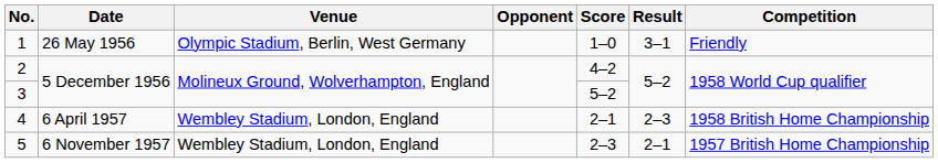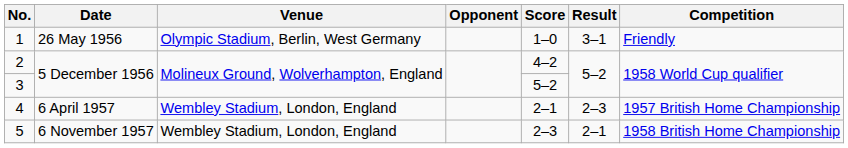 <table class="wikitable sortable">
 <tr>
 <th scope="col">No.</th>
 <th scope="col">Date</th>
 <th scope="col">Venue</th>
 <th scope="col">Opponent</th>
 <th scope="col">Score</th>
 <th scope="col">Result</th>
 <th scope="col">Competition</th>
 </tr>
 <tr>
 <td align="center">1</td>
 <td>26 May 1956</td>
 <td><a href='#'>Olympic Stadium</a>, Berlin, West Germany</td>
 <td></td>
 <td align="center">1–0</td>
 <td align="center">3–1</td>
 <td><a href='#'>Friendly</a></td>
 </tr>
 <tr>
 <td align="center">2</td>
 <td rowspan="2">5 December 1956</td>
 <td rowspan="2"><a href='#'>Molineux Ground</a>, <a href='#'>Wolverhampton</a>, England</td>
 <td rowspan="2"></td>
 <td align="center">4–2</td>
 <td rowspan="2" align="center">5–2</td>
 <td rowspan="2"><a href='#'>1958 World Cup qualifier</a></td>
 </tr>
 <tr>
 <td align="center">3</td>
 <td align="center">5–2</td>
 </tr>
 <tr>
 <td align="center">4</td>
 <td>6 April 1957</td>
 <td><a href='#'>Wembley Stadium</a>, London, England</td>
 <td></td>
 <td align="center">2–1</td>
 <td align="center">2–3</td>
-<td><a href='#'>1958 British Home Championship</a></td>
+<td><a href='#'>1957 British Home Championship</a></td>
 </tr>
 <tr>
 <td align="center">5</td>
 <td>6 November 1957</td>
 <td>Wembley Stadium, London, England</td>
 <td></td>
 <td align="center">2–3</td>
 <td align="center">2–1</td>
-<td><a href='#'>1957 British Home Championship</a></td>
+<td><a href='#'>1958 British Home Championship</a></td>
 </tr>
 </table>
